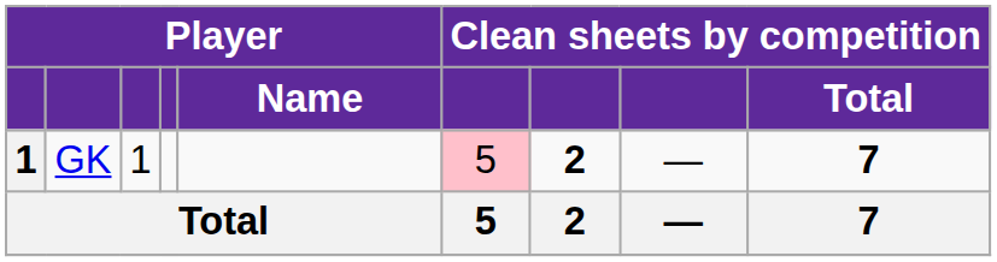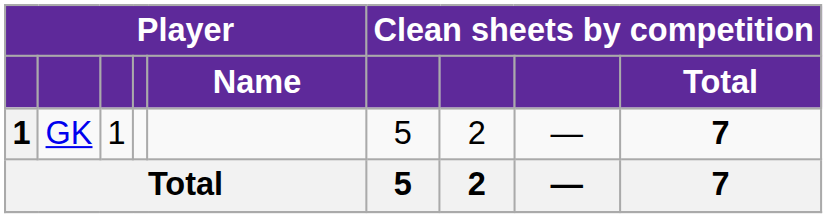 <table class="wikitable sortable" style="text-align:center;">
 <tr>
 <th style="background:#5E299A; color:#fff;" colspan=5 scope="colgroup">Player</th>
 <th style="background:#5E299A; color:#fff;" colspan=4 scope="colgroup">Clean sheets by competition</th>
 </tr>
 <tr>
 <th style="background:#5E299A; color:#fff;" scope="col"></th>
 <th style="background:#5E299A; color:#fff;" scope="col"></th>
 <th style="background:#5E299A; color:#fff;" scope="col"></th>
 <th style="background:#5E299A; color:#fff;" scope="col"></th>
 <th style="background:#5E299A; color:#fff; width:100px;" scope="col">Name</th>
 <th style="background:#5E299A; color:#fff;" scope="col"></th>
 <th style="background:#5E299A; color:#fff;" scope="col"></th>
 <th style="background:#5E299A; color:#fff;" scope="col"></th>
 <th style="background:#5E299A; color:#fff;" scope="col">Total</th>
 </tr>
 <tr>
 <th scope="row">1</th>
 <td><a href='#'>GK</a></td>
 <td>1</td>
 <td></td>
 <td></td>
-<td style="background: pink;">5</td>
-<td><strong>2</strong></td>
+<td>5</td>
+<td>2</td>
 <td>—</td>
 <td><strong>7</strong></td>
 </tr>
 <tr>
 <th colspan=5 scope="row">Total</th>
 <th>5</th>
 <th>2</th>
 <th>—</th>
 <th>7</th>
 </tr>
 <tr>
 </tr>
 </table>
